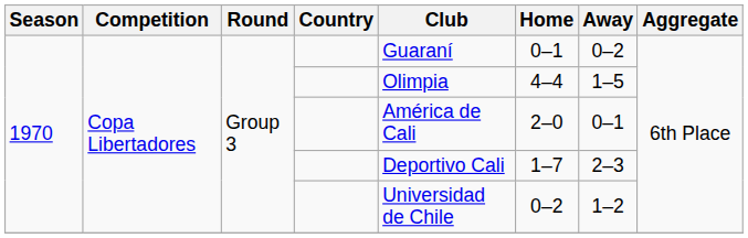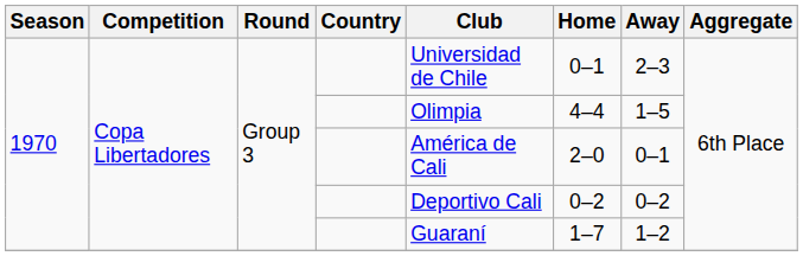 <table class="wikitable" style="text-align:left;">
 <tr>
 <th>Season</th>
 <th>Competition</th>
 <th>Round</th>
 <th>Country</th>
 <th>Club</th>
 <th>Home</th>
 <th>Away</th>
 <th>Aggregate</th>
 </tr>
 <tr>
 <td rowspan="5"><a href='#'>1970</a></td>
 <td rowspan="5"><a href='#'>Copa Libertadores</a></td>
 <td rowspan="5">Group 3</td>
 <td></td>
-<td><a href='#'>Guaraní</a></td>
+<td><a href='#'>Universidad de Chile</a></td>
 <td style="text-align:center;">0–1</td>
-<td style="text-align:center;">0–2</td>
+<td style="text-align:center;">2–3</td>
 <td style="text-align:center;" rowspan=5>6th Place</td>
 </tr>
 <tr>
 <td></td>
 <td><a href='#'>Olimpia</a></td>
 <td style="text-align:center;">4–4</td>
 <td style="text-align:center;">1–5</td>
 </tr>
 <tr>
 <td></td>
 <td><a href='#'>América de Cali</a></td>
 <td style="text-align:center;">2–0</td>
 <td style="text-align:center;">0–1</td>
 </tr>
 <tr>
 <td></td>
 <td><a href='#'>Deportivo Cali</a></td>
-<td style="text-align:center;">1–7</td>
-<td style="text-align:center;">2–3</td>
+<td style="text-align:center;">0–2</td>
+<td style="text-align:center;">0–2</td>
 </tr>
 <tr>
 <td></td>
-<td><a href='#'>Universidad de Chile</a></td>
-<td style="text-align:center;">0–2</td>
+<td><a href='#'>Guaraní</a></td>
+<td style="text-align:center;">1–7</td>
 <td style="text-align:center;">1–2</td>
 </tr>
 <tr>
 </tr>
 </table>
